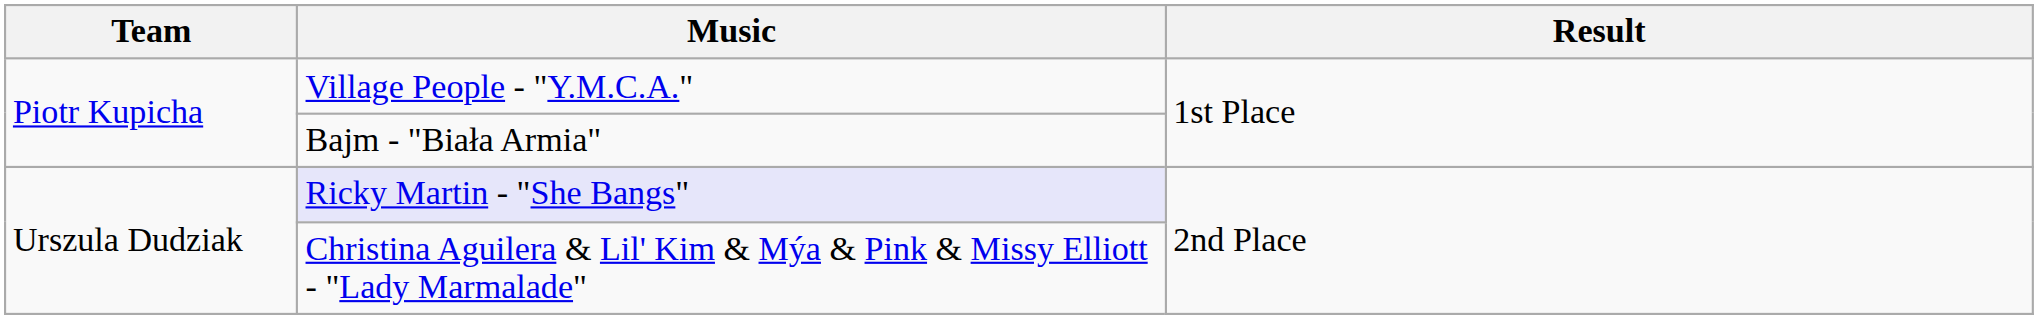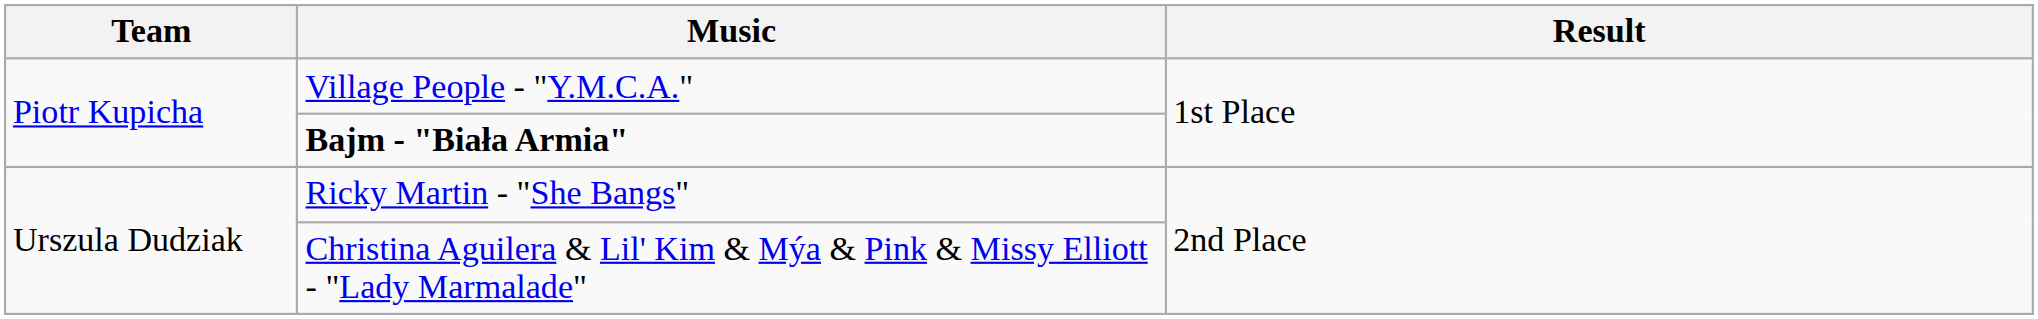 <table class="wikitable">
 <tr>
 <th style="width:130px;">Team</th>
 <th style="width:400px;">Music</th>
 <th style="width:400px;">Result</th>
 </tr>
 <tr>
 <td rowspan="2"><a href='#'>Piotr Kupicha</a></td>
 <td><a href='#'>Village People</a> - "<a href='#'>Y.M.C.A.</a>"</td>
 <td rowspan="2">1st Place</td>
 </tr>
 <tr>
-<td>Bajm - "Biała Armia"</td>
+<td><strong>Bajm - "Biała Armia"</strong></td>
 </tr>
 <tr>
 <td rowspan="2">Urszula Dudziak</td>
-<td style="background: lavender;"><a href='#'>Ricky Martin</a> - "<a href='#'>She Bangs</a>"</td>
+<td><a href='#'>Ricky Martin</a> - "<a href='#'>She Bangs</a>"</td>
 <td rowspan="2">2nd Place</td>
 </tr>
 <tr>
 <td><a href='#'>Christina Aguilera</a> & <a href='#'>Lil' Kim</a> & <a href='#'>Mýa</a> & <a href='#'>Pink</a> & <a href='#'>Missy Elliott</a> - "<a href='#'>Lady Marmalade</a>"</td>
 </tr>
 </table>
